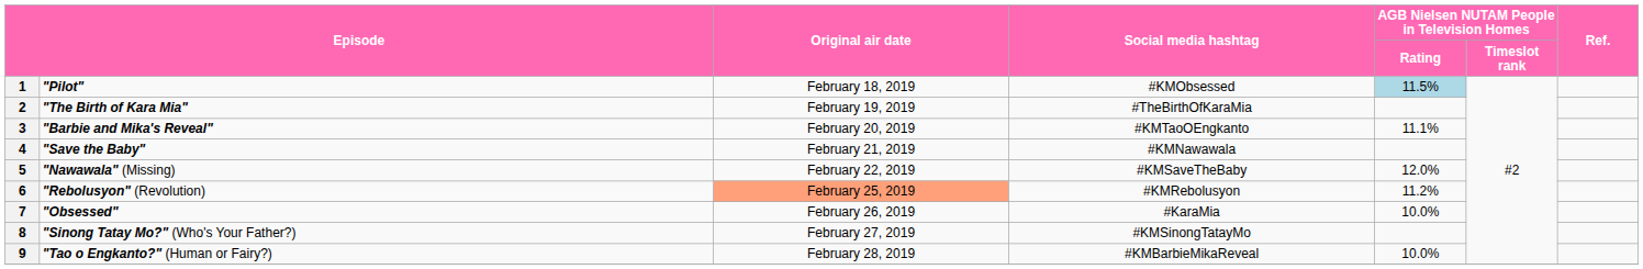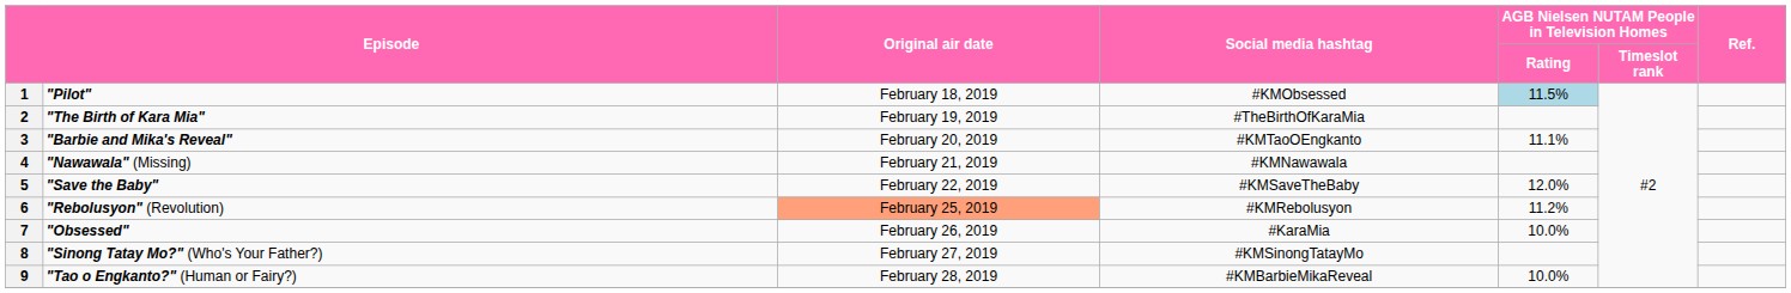 <table class="wikitable" style="text-align:center; font-size:100%; line-height:18px; width:100%">
 <tr>
 <th style="background-color:#FF69B4; color:#ffffff;" colspan="2" rowspan="2">Episode</th>
 <th style="background-color:#FF69B4; color:white" rowspan="2">Original air date</th>
 <th style="background-color:#FF69B4; color:white" rowspan="2">Social media hashtag</th>
 <th style="background-color:#FF69B4; color:#ffffff;" colspan="2">AGB Nielsen NUTAM People in Television Homes</th>
 <th style="background-color:#FF69B4;  color:#ffffff;" rowspan="2">Ref.</th>
 </tr>
 <tr>
 <th style="background-color:#FF69B4; width:75px; color:#ffffff;">Rating</th>
 <th style="background-color:#FF69B4;  width:75px; color:#ffffff;">Timeslot<br>rank</th>
 </tr>
 <tr>
 <th>1</th>
 <td style="text-align: left;"><strong><em>"Pilot"</em></strong></td>
 <td>February 18, 2019</td>
 <td>#KMObsessed</td>
 <td style="background: lightblue;">11.5%</td>
 <td rowspan="9">#2</td>
 <td></td>
 </tr>
 <tr>
 <th>2</th>
 <td style="text-align: left;"><strong><em>"The Birth of Kara Mia"</em></strong></td>
 <td>February 19, 2019</td>
 <td>#TheBirthOfKaraMia</td>
 <td></td>
 <td></td>
 </tr>
 <tr>
 <th>3</th>
 <td style="text-align: left;"><strong><em>"Barbie and Mika's Reveal"</em></strong></td>
 <td>February 20, 2019</td>
 <td>#KMTaoOEngkanto</td>
 <td>11.1%</td>
 <td></td>
 </tr>
 <tr>
 <th>4</th>
-<td style="text-align: left;"><strong><em>"Save the Baby"</em></strong></td>
+<td style="text-align: left;"><strong><em>"Nawawala"</em></strong> (Missing)</td>
 <td>February 21, 2019</td>
 <td>#KMNawawala</td>
 <td></td>
 <td></td>
 </tr>
 <tr>
 <th>5</th>
-<td style="text-align: left;"><strong><em>"Nawawala"</em></strong> (Missing)</td>
+<td style="text-align: left;"><strong><em>"Save the Baby"</em></strong></td>
 <td>February 22, 2019</td>
 <td>#KMSaveTheBaby</td>
 <td>12.0%</td>
 <td></td>
 </tr>
 <tr>
 <th>6</th>
 <td style="text-align: left;"><strong><em>"Rebolusyon"</em></strong> (Revolution)</td>
 <td style="background: lightsalmon;">February 25, 2019</td>
 <td>#KMRebolusyon</td>
 <td>11.2%</td>
 <td></td>
 </tr>
 <tr>
 <th>7</th>
 <td style="text-align: left;"><strong><em>"Obsessed"</em></strong></td>
 <td>February 26, 2019</td>
 <td>#KaraMia</td>
 <td>10.0%</td>
 <td></td>
 </tr>
 <tr>
 <th>8</th>
 <td style="text-align: left;"><strong><em>"Sinong Tatay Mo?"</em></strong> (Who's Your Father?)</td>
 <td>February 27, 2019</td>
 <td>#KMSinongTatayMo</td>
 <td></td>
 <td></td>
 </tr>
 <tr>
 <th>9</th>
 <td style="text-align: left;"><strong><em>"Tao o Engkanto?"</em></strong> (Human or Fairy?)</td>
 <td>February 28, 2019</td>
 <td>#KMBarbieMikaReveal</td>
 <td>10.0%</td>
 <td></td>
 </tr>
 <tr>
 </tr>
 </table>
